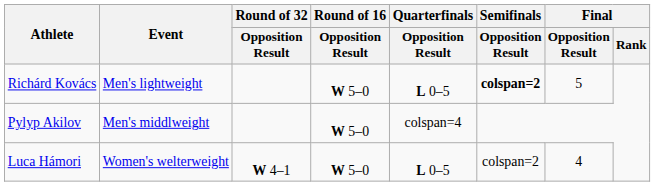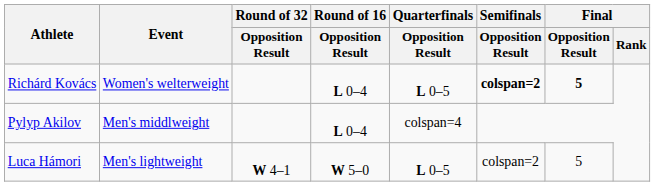 <table class="wikitable" style="font-size:90%">
 <tr>
 <th rowspan="2">Athlete</th>
 <th rowspan="2">Event</th>
 <th>Round of 32</th>
 <th>Round of 16</th>
 <th>Quarterfinals</th>
 <th>Semifinals</th>
 <th colspan=2>Final</th>
 </tr>
 <tr style="font-size:95%">
 <th>Opposition<br>Result</th>
 <th>Opposition<br>Result</th>
 <th>Opposition<br>Result</th>
 <th>Opposition<br>Result</th>
 <th>Opposition<br>Result</th>
 <th>Rank</th>
 </tr>
 <tr align=center>
 <td align=left><a href='#'>Richárd Kovács</a></td>
-<td align=left><a href='#'>Men's lightweight</a></td>
+<td align=left><a href='#'>Women's welterweight</a></td>
 <td></td>
-<td><br><strong>W</strong> 5–0</td>
+<td><br><strong>L</strong> 0–4</td>
 <td><br><strong>L</strong> 0–5</td>
 <td><strong>colspan=2 </strong></td>
-<td>5</td>
+<td><strong>5</strong></td>
 </tr>
 <tr align=center>
 <td align=left><a href='#'>Pylyp Akilov</a></td>
 <td align=left><a href='#'>Men's middlweight</a></td>
 <td></td>
-<td><br><strong>W</strong> 5–0</td>
+<td><br><strong>L</strong> 0–4</td>
 <td>colspan=4 </td>
 </tr>
 <tr align=center>
 <td align=left><a href='#'>Luca Hámori</a></td>
-<td align=left><a href='#'>Women's welterweight</a></td>
+<td align=left><a href='#'>Men's lightweight</a></td>
 <td><br><strong>W</strong> 4–1</td>
 <td><br><strong>W</strong> 5–0</td>
 <td><br><strong>L</strong> 0–5</td>
 <td>colspan=2 </td>
-<td>4</td>
+<td>5</td>
 </tr>
 </table>
